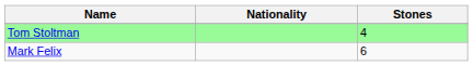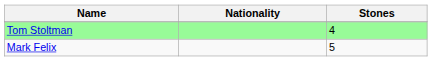 <table class="wikitable" style="display: inline-table; width: 50%;">
 <tr>
 <th>Name</th>
 <th>Nationality</th>
 <th>Stones</th>
 </tr>
 <tr>
 </tr>
 <tr style="background:palegreen">
 <td><a href='#'>Tom Stoltman</a></td>
 <td></td>
 <td>4</td>
 </tr>
 <tr>
 <td><a href='#'>Mark Felix</a></td>
 <td></td>
-<td>6</td>
+<td>5</td>
 </tr>
 </table>
